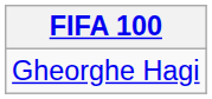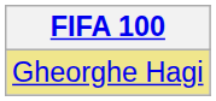 <table class="wikitable">
 <tr>
 <th Colspan=1><a href='#'>FIFA 100</a></th>
 </tr>
 <tr>
-<td><a href='#'>Gheorghe Hagi</a></td>
+<td style="background: khaki;"><a href='#'>Gheorghe Hagi</a></td>
 </tr>
 </table>
